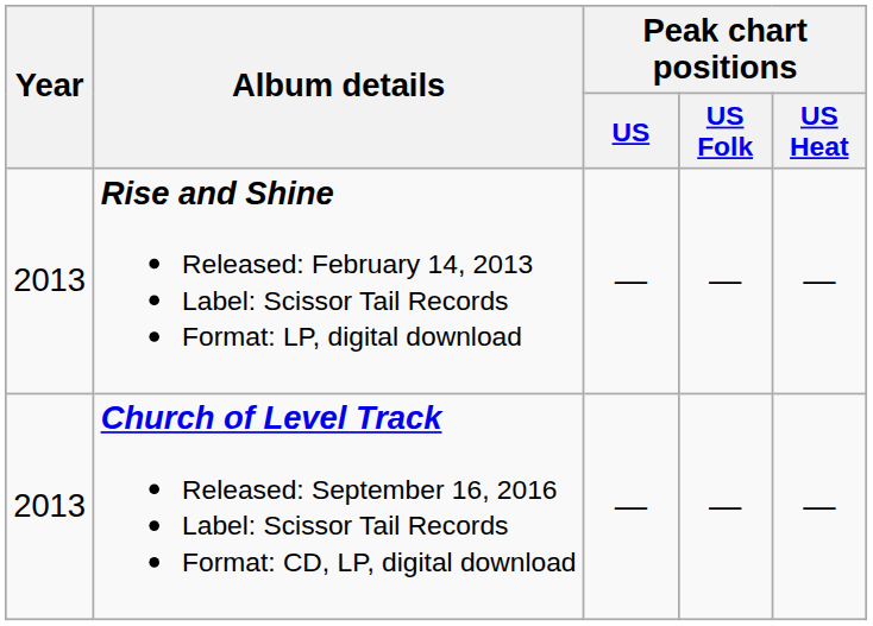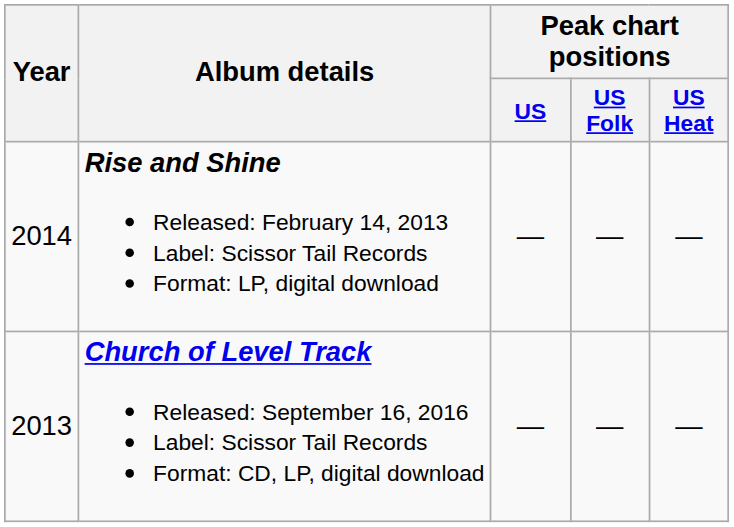 <table class="wikitable" style="text-align:center;">
 <tr>
 <th rowspan="2">Year</th>
 <th rowspan="2">Album details</th>
 <th colspan="3">Peak chart positions</th>
 </tr>
 <tr style="font-size:smaller;">
 <th width="40"><a href='#'>US</a></th>
 <th width="40"><a href='#'>US<br>Folk</a></th>
 <th width="40"><a href='#'>US<br>Heat</a></th>
 </tr>
 <tr>
-<td>2013</td>
+<td>2014</td>
 <td align="left"><strong><em>Rise and Shine</em></strong><br><ul><li><small>Released: February 14, 2013</small></li><li><small>Label: Scissor Tail Records</small></li><li><small>Format: LP, digital download</small></li></ul></td>
 <td>—</td>
 <td>—</td>
 <td>—</td>
 </tr>
 <tr>
 <td>2013</td>
 <td align="left"><strong><em><a href='#'>Church of Level Track</a></em></strong><br><ul><li><small>Released: September 16, 2016</small></li><li><small>Label: Scissor Tail Records</small></li><li><small>Format: CD, LP, digital download</small></li></ul></td>
 <td>—</td>
 <td>—</td>
 <td>—</td>
 </tr>
 </table>
